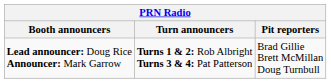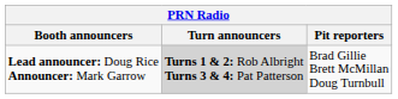 <table class="wikitable">
 <tr>
 <th colspan="3"><a href='#'>PRN Radio</a></th>
 </tr>
 <tr>
 <th>Booth announcers</th>
 <th>Turn announcers</th>
 <th>Pit reporters</th>
 </tr>
 <tr>
 <td><strong>Lead announcer:</strong> Doug Rice<br><strong>Announcer:</strong> Mark Garrow</td>
-<td><strong>Turns 1 & 2:</strong> Rob Albright<br><strong>Turns</strong> <strong>3 & 4:</strong> Pat Patterson</td>
+<td style="background: lightgrey;"><strong>Turns 1 & 2:</strong> Rob Albright<br><strong>Turns</strong> <strong>3 & 4:</strong> Pat Patterson</td>
 <td>Brad Gillie<br>Brett McMillan<br>Doug Turnbull</td>
 </tr>
 </table>
